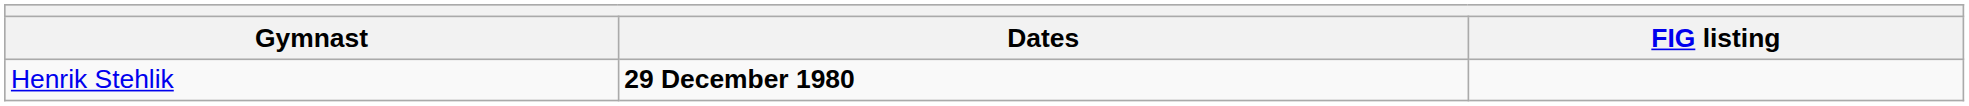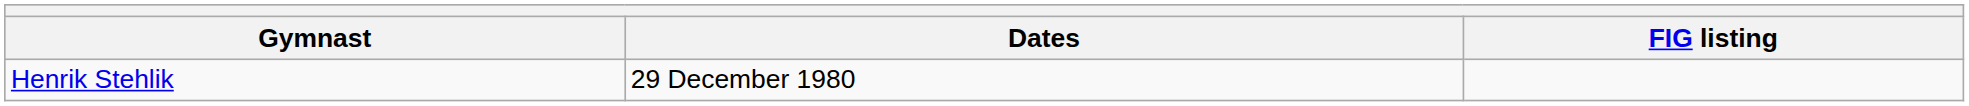 <table class="wikitable mw-collapsible mw-collapsed" width="75%">
 <tr>
 <th colspan="3"></th>
 </tr>
 <tr>
 <th>Gymnast</th>
 <th>Dates</th>
 <th><a href='#'>FIG</a> listing</th>
 </tr>
 <tr>
 <td><a href='#'>Henrik Stehlik</a></td>
-<td><strong>29 December 1980</strong></td>
+<td>29 December 1980</td>
 <td></td>
 </tr>
 </table>
